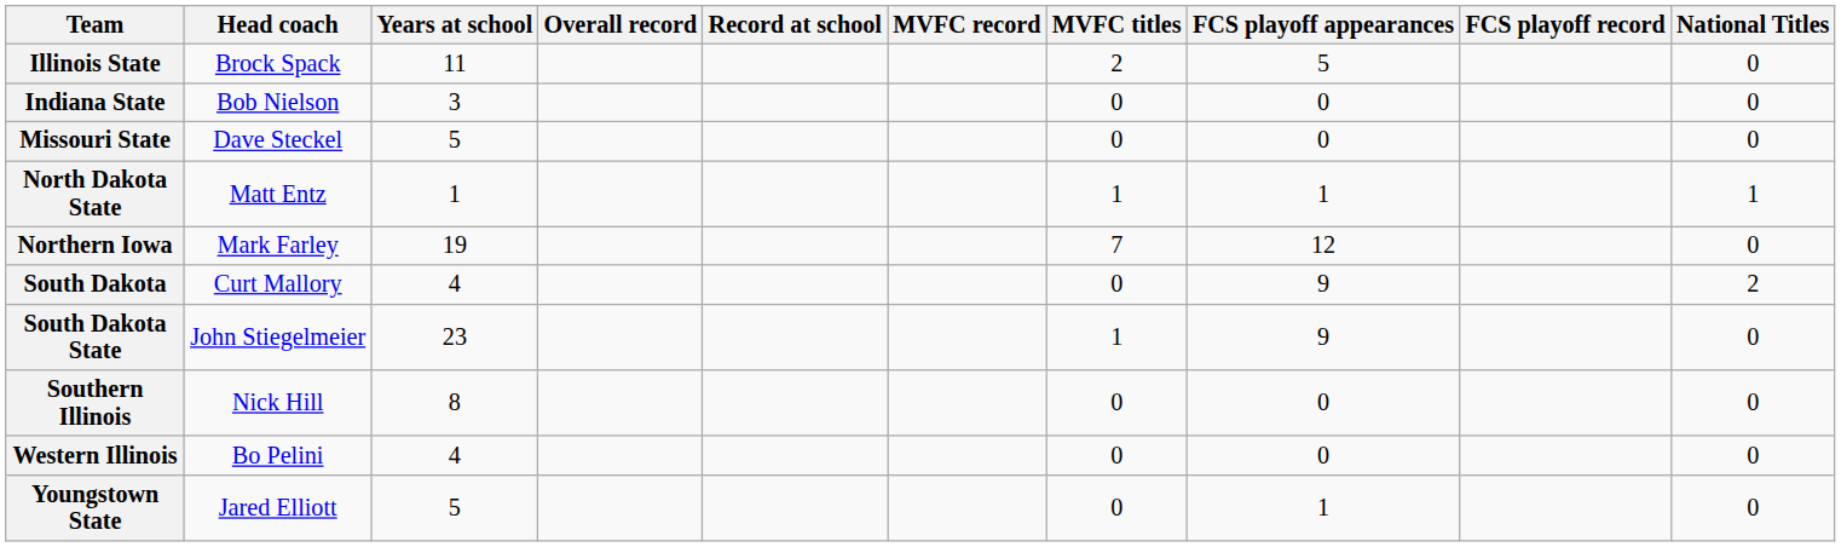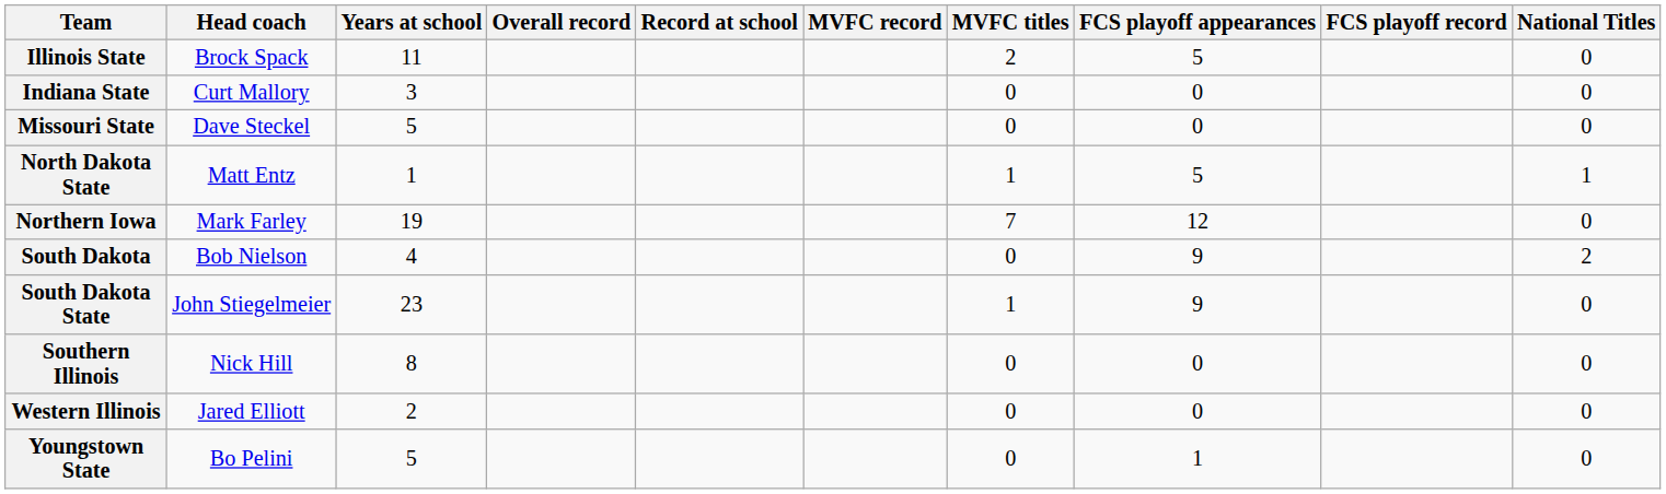 <table class="wikitable sortable" style="text-align: center;">
 <tr>
 <th width="110">Team</th>
 <th>Head coach</th>
 <th>Years at school</th>
 <th>Overall record</th>
 <th>Record at school</th>
 <th>MVFC record</th>
 <th>MVFC titles</th>
 <th>FCS playoff appearances</th>
 <th>FCS playoff record</th>
 <th>National Titles</th>
 </tr>
 <tr>
 <th>Illinois State</th>
 <td><a href='#'>Brock Spack</a></td>
 <td>11</td>
 <td data-sort-value=></td>
 <td data-sort-value=></td>
 <td data-sort-value=></td>
 <td>2</td>
 <td>5</td>
 <td data-sort-value=></td>
 <td>0</td>
 </tr>
 <tr>
 <th>Indiana State</th>
-<td><a href='#'>Bob Nielson</a></td>
+<td><a href='#'>Curt Mallory</a></td>
 <td>3</td>
 <td data-sort-value=></td>
 <td data-sort-value=></td>
 <td data-sort-value=></td>
 <td>0</td>
 <td>0</td>
 <td data-sort-value=></td>
 <td>0</td>
 </tr>
 <tr>
 <th>Missouri State</th>
 <td><a href='#'>Dave Steckel</a></td>
 <td>5</td>
 <td data-sort-value=></td>
 <td data-sort-value=></td>
 <td data-sort-value=></td>
 <td>0</td>
 <td>0</td>
 <td data-sort-value=></td>
 <td>0</td>
 </tr>
 <tr>
 <th>North Dakota State</th>
 <td><a href='#'>Matt Entz</a></td>
 <td>1</td>
 <td data-sort-value=></td>
 <td data-sort-value=></td>
 <td data-sort-value=></td>
 <td>1</td>
-<td>1</td>
+<td>5</td>
 <td data-sort-value=></td>
 <td>1</td>
 </tr>
 <tr>
 <th>Northern Iowa</th>
 <td><a href='#'>Mark Farley</a></td>
 <td>19</td>
 <td data-sort-value=></td>
 <td data-sort-value=></td>
 <td data-sort-value=></td>
 <td>7</td>
 <td>12</td>
 <td data-sort-value=></td>
 <td>0</td>
 </tr>
 <tr>
 <th>South Dakota</th>
-<td><a href='#'>Curt Mallory</a></td>
+<td><a href='#'>Bob Nielson</a></td>
 <td>4</td>
 <td data-sort-value=></td>
 <td data-sort-value=></td>
 <td data-sort-value=></td>
 <td>0</td>
 <td>9</td>
 <td data-sort-value=></td>
 <td>2</td>
 </tr>
 <tr>
 <th>South Dakota State</th>
 <td><a href='#'>John Stiegelmeier</a></td>
 <td>23</td>
 <td data-sort-value=></td>
 <td data-sort-value=></td>
 <td data-sort-value=></td>
 <td>1</td>
 <td>9</td>
 <td data-sort-value=></td>
 <td>0</td>
 </tr>
 <tr>
 <th>Southern Illinois</th>
 <td><a href='#'>Nick Hill</a></td>
 <td>8</td>
 <td data-sort-value=></td>
 <td data-sort-value=></td>
 <td data-sort-value=></td>
 <td>0</td>
 <td>0</td>
 <td data-sort-value=></td>
 <td>0</td>
 </tr>
 <tr>
 <th>Western Illinois</th>
-<td><a href='#'>Bo Pelini</a></td>
-<td>4</td>
+<td><a href='#'>Jared Elliott</a></td>
+<td>2</td>
 <td data-sort-value=></td>
 <td data-sort-value=></td>
 <td data-sort-value=></td>
 <td>0</td>
 <td>0</td>
 <td data-sort-value=></td>
 <td>0</td>
 </tr>
 <tr>
 <th>Youngstown State</th>
-<td><a href='#'>Jared Elliott</a></td>
+<td><a href='#'>Bo Pelini</a></td>
 <td>5</td>
 <td data-sort-value=></td>
 <td data-sort-value=></td>
 <td data-sort-value=></td>
 <td>0</td>
 <td>1</td>
 <td data-sort-value=></td>
 <td>0</td>
 </tr>
 </table>
